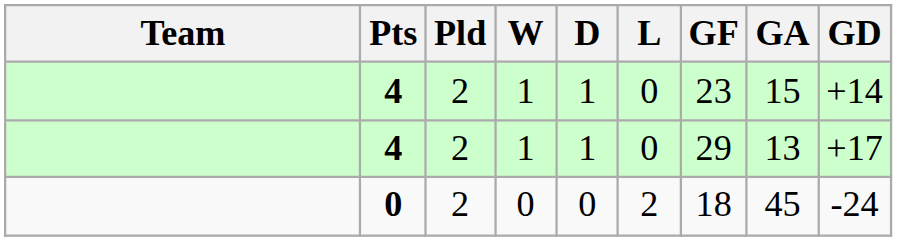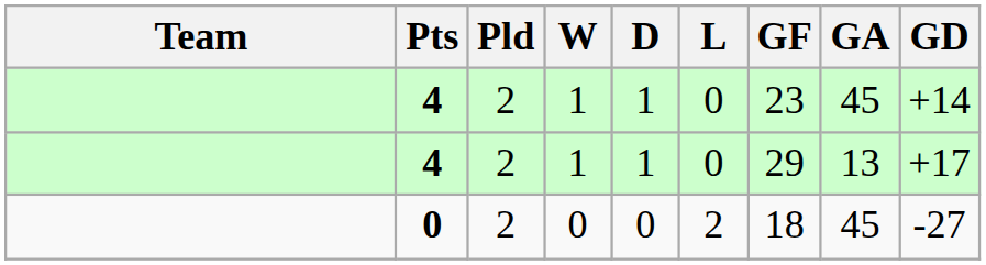 <table class="wikitable" style="text-align:center;">
 <tr>
 <th width=150>Team</th>
 <th width=20>Pts</th>
 <th width=20>Pld</th>
 <th width=20>W</th>
 <th width=20>D</th>
 <th width=20>L</th>
 <th width=20>GF</th>
 <th width=20>GA</th>
 <th width=25>GD</th>
 </tr>
 <tr bgcolor=#ccffcc>
 <td align="left"></td>
 <td><strong>4</strong></td>
 <td>2</td>
 <td>1</td>
 <td>1</td>
 <td>0</td>
 <td>23</td>
-<td>15</td>
+<td>45</td>
 <td>+14</td>
 </tr>
 <tr bgcolor=#ccffcc>
 <td align="left"></td>
 <td><strong>4</strong></td>
 <td>2</td>
 <td>1</td>
 <td>1</td>
 <td>0</td>
 <td>29</td>
 <td>13</td>
 <td>+17</td>
 </tr>
 <tr>
 <td align="left"></td>
 <td><strong>0</strong></td>
 <td>2</td>
 <td>0</td>
 <td>0</td>
 <td>2</td>
 <td>18</td>
 <td>45</td>
-<td>-24</td>
+<td>-27</td>
 </tr>
 </table>
